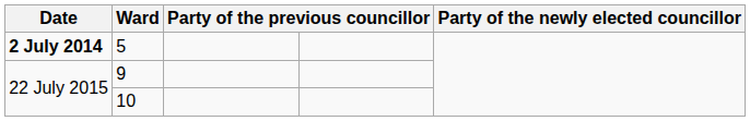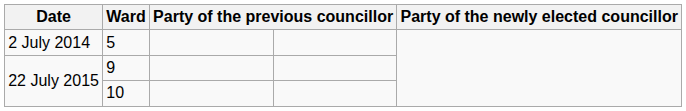 <table class="wikitable">
 <tr>
 <th>Date</th>
 <th>Ward</th>
 <th colspan=2>Party of the previous councillor</th>
 <th colspan=2>Party of the newly elected councillor</th>
 </tr>
 <tr>
-<td><strong>2 July 2014</strong></td>
+<td>2 July 2014</td>
 <td>5</td>
 <td></td>
 <td></td>
 </tr>
 <tr>
 <td rowspan=2>22 July 2015</td>
 <td>9</td>
 <td></td>
 <td></td>
 </tr>
 <tr>
 <td>10</td>
 <td></td>
 <td></td>
 </tr>
 </table>
